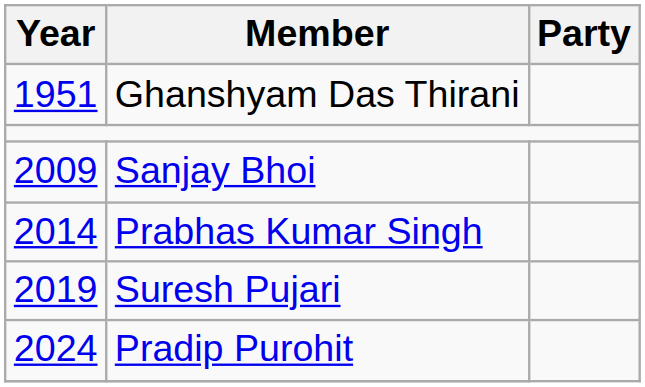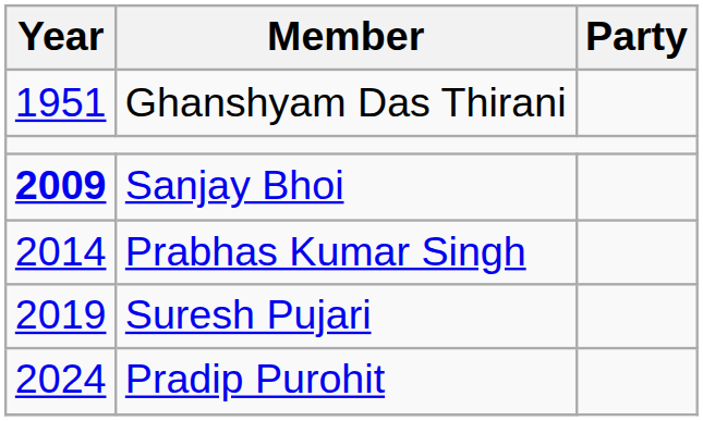 <table class="wikitable">
 <tr>
 <th>Year</th>
 <th>Member</th>
 <th colspan="2">Party</th>
 </tr>
 <tr>
 <td><a href='#'>1951</a></td>
 <td>Ghanshyam Das Thirani</td>
 <td></td>
 </tr>
 <tr>
 <td colspan="4"></td>
 </tr>
 <tr>
-<td><a href='#'>2009</a></td>
+<td><strong><a href='#'>2009</a></strong></td>
 <td><a href='#'>Sanjay Bhoi</a></td>
 <td></td>
 </tr>
 <tr>
 <td><a href='#'>2014</a></td>
 <td><a href='#'>Prabhas Kumar Singh</a></td>
 <td></td>
 </tr>
 <tr>
 <td><a href='#'>2019</a></td>
 <td><a href='#'>Suresh Pujari</a></td>
 <td></td>
 </tr>
 <tr>
 <td><a href='#'>2024</a></td>
 <td><a href='#'>Pradip Purohit</a></td>
 </tr>
 <tr>
 </tr>
 </table>
